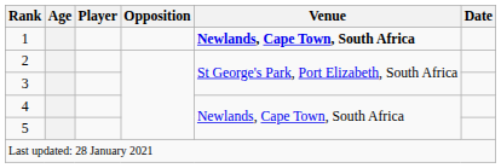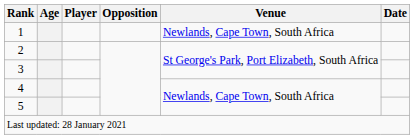 <table class="wikitable plainrowheaders sortable">
 <tr>
 <th scope=col>Rank</th>
 <th scope=col>Age</th>
 <th scope=col>Player</th>
 <th scope=col>Opposition</th>
 <th scope=col>Venue</th>
 <th scope=col>Date</th>
 </tr>
 <tr>
 <td align=center>1</td>
 <th scope=row style=text-align:center;></th>
 <td></td>
 <td></td>
-<td><strong><a href='#'>Newlands</a>, <a href='#'>Cape Town</a>, South Africa</strong></td>
+<td><a href='#'>Newlands</a>, <a href='#'>Cape Town</a>, South Africa</td>
 <td></td>
 </tr>
 <tr>
 <td align=center>2</td>
 <th scope=row style=text-align:center;></th>
 <td></td>
 <td rowspan=4></td>
 <td rowspan=2><a href='#'>St George's Park</a>, <a href='#'>Port Elizabeth</a>, South Africa</td>
 <td></td>
 </tr>
 <tr>
 <td align=center>3</td>
 <th scope=row style=text-align:center;></th>
 <td></td>
 <td></td>
 </tr>
 <tr>
 <td align=center>4</td>
 <th scope=row style=text-align:center;></th>
 <td></td>
 <td rowspan=2><a href='#'>Newlands</a>, <a href='#'>Cape Town</a>, South Africa</td>
 <td></td>
 </tr>
 <tr>
 <td align=center>5</td>
 <th scope=row style=text-align:center;></th>
 <td></td>
 <td></td>
 </tr>
 <tr class=sortbottom>
 <td colspan=7><small>Last updated: 28 January 2021</small></td>
 </tr>
 </table>
